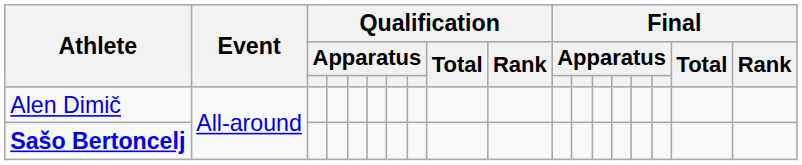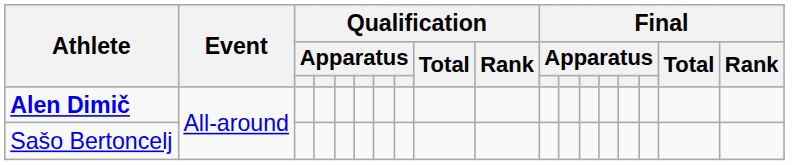 <table class="wikitable" style="font-size:90%">
 <tr>
 <th rowspan=3>Athlete</th>
 <th rowspan=3>Event</th>
 <th colspan =8>Qualification</th>
 <th colspan =8>Final</th>
 </tr>
 <tr style="font-size:95%">
 <th colspan=6>Apparatus</th>
 <th rowspan=2>Total</th>
 <th rowspan=2>Rank</th>
 <th colspan=6>Apparatus</th>
 <th rowspan=2>Total</th>
 <th rowspan=2>Rank</th>
 </tr>
 <tr style="font-size:95%">
 <th></th>
 <th></th>
 <th></th>
 <th></th>
 <th></th>
 <th></th>
 <th></th>
 <th></th>
 <th></th>
 <th></th>
 <th></th>
 <th></th>
 </tr>
 <tr align=center>
-<td align=left><a href='#'>Alen Dimič</a></td>
+<td align=left><strong><a href='#'>Alen Dimič</a></strong></td>
 <td align=left rowspan=2><a href='#'>All-around</a></td>
 <td></td>
 <td></td>
 <td></td>
 <td></td>
 <td></td>
 <td></td>
 <td></td>
 <td></td>
 <td></td>
 <td></td>
 <td></td>
 <td></td>
 <td></td>
 <td></td>
 <td></td>
 <td></td>
 </tr>
 <tr align=center>
-<td align=left><strong><a href='#'>Sašo Bertoncelj</a></strong></td>
+<td align=left><a href='#'>Sašo Bertoncelj</a></td>
 <td></td>
 <td></td>
 <td></td>
 <td></td>
 <td></td>
 <td></td>
 <td></td>
 <td></td>
 <td></td>
 <td></td>
 <td></td>
 <td></td>
 <td></td>
 <td></td>
 <td></td>
 <td></td>
 </tr>
 </table>
